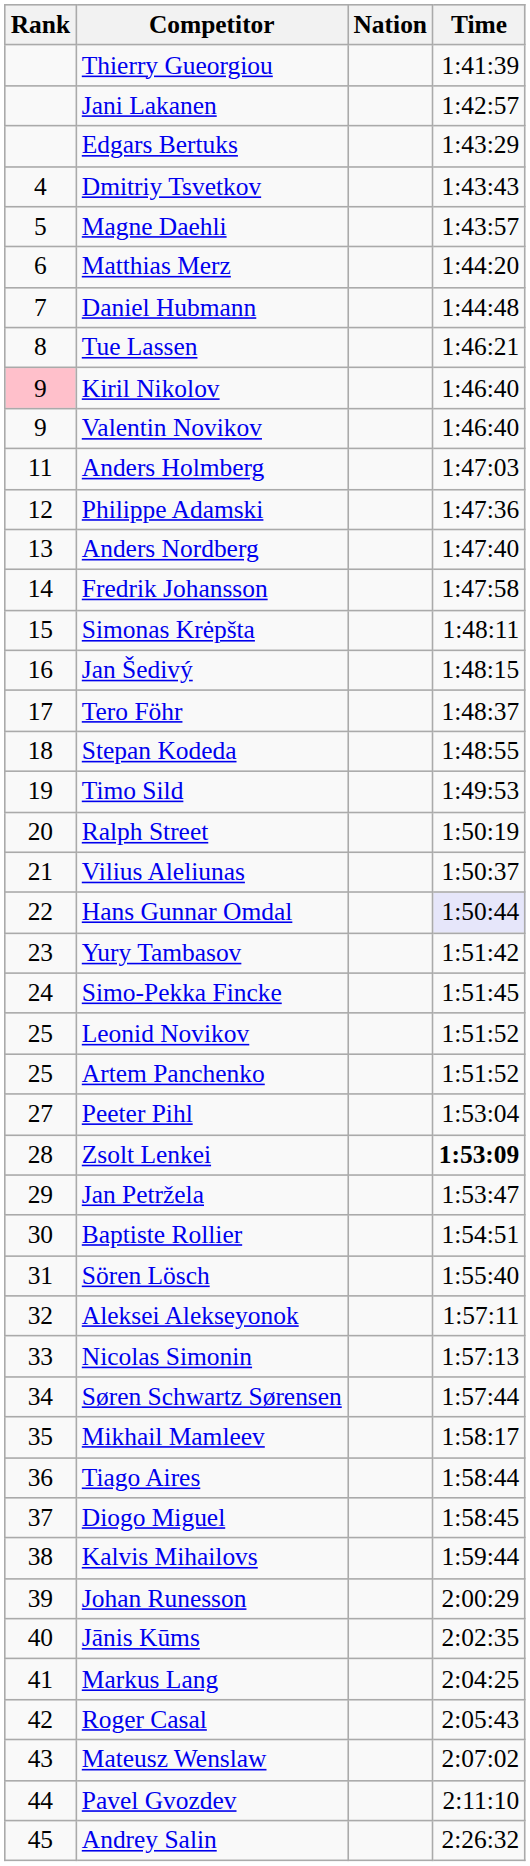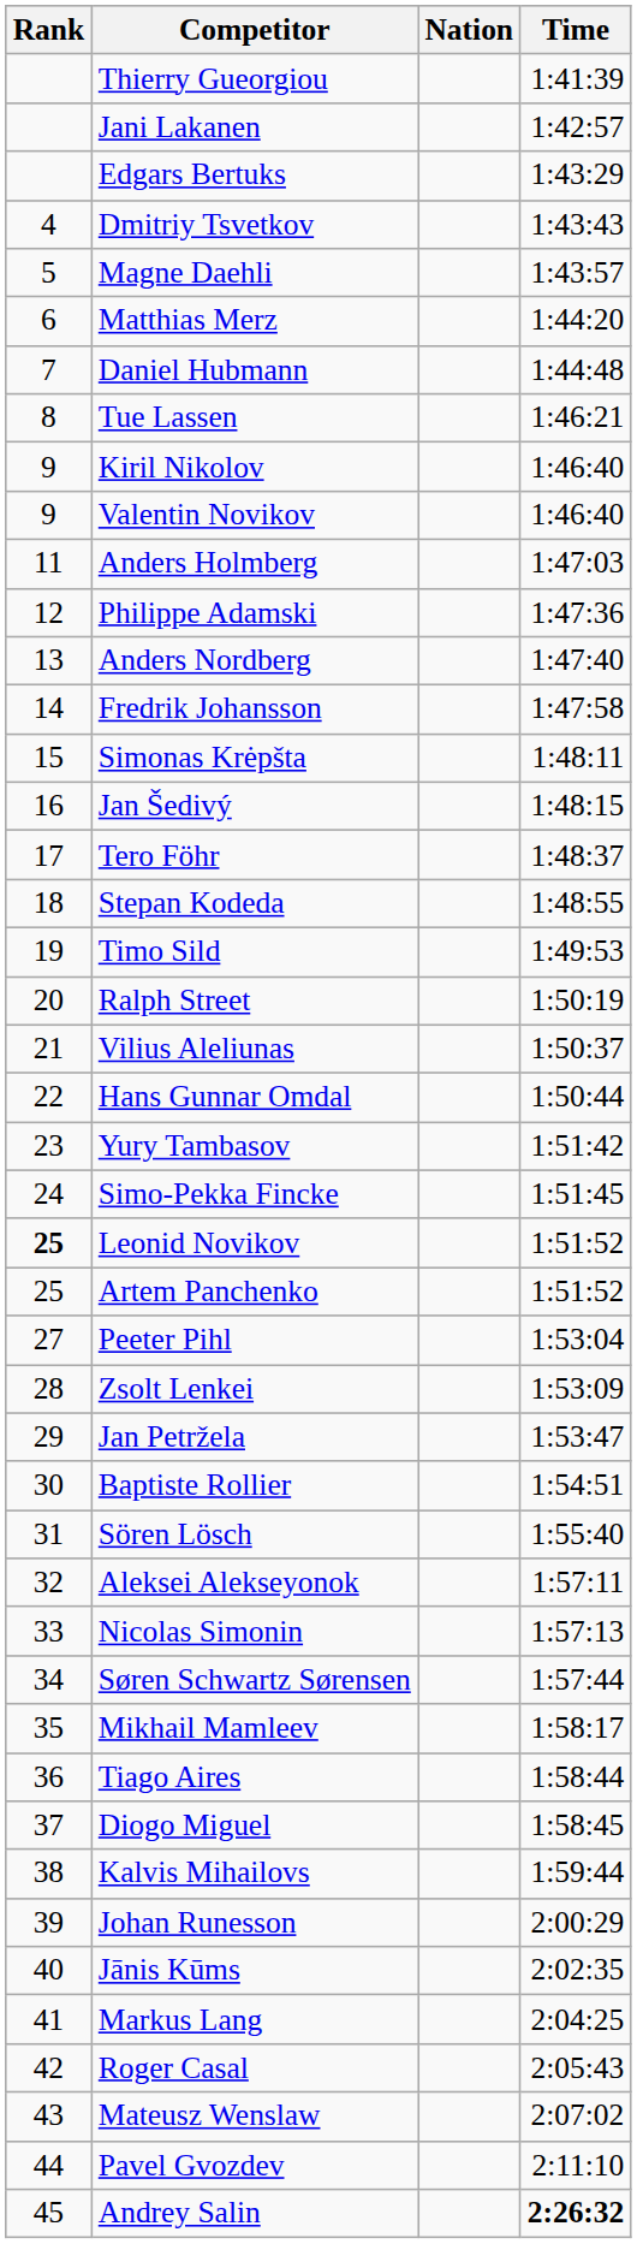 <table class="wikitable sortable" style="text-align:left">
 <tr>
 <th data-sort-type="number">Rank</th>
 <th class="unsortable">Competitor</th>
 <th>Nation</th>
 <th>Time</th>
 </tr>
 <tr>
 <td style="text-align:center"></td>
 <td><a href='#'>Thierry Gueorgiou</a></td>
 <td></td>
 <td style="text-align:right">1:41:39</td>
 </tr>
 <tr>
 <td style="text-align:center"></td>
 <td><a href='#'>Jani Lakanen</a></td>
 <td></td>
 <td style="text-align:right">1:42:57</td>
 </tr>
 <tr>
 <td style="text-align:center"></td>
 <td><a href='#'>Edgars Bertuks</a></td>
 <td></td>
 <td style="text-align:right">1:43:29</td>
 </tr>
 <tr>
 <td style="text-align:center">4</td>
 <td><a href='#'>Dmitriy Tsvetkov</a></td>
 <td></td>
 <td style="text-align:right">1:43:43</td>
 </tr>
 <tr>
 <td style="text-align:center">5</td>
 <td><a href='#'>Magne Daehli</a></td>
 <td></td>
 <td style="text-align:right">1:43:57</td>
 </tr>
 <tr>
 <td style="text-align:center">6</td>
 <td><a href='#'>Matthias Merz</a></td>
 <td></td>
 <td style="text-align:right">1:44:20</td>
 </tr>
 <tr>
 <td style="text-align:center">7</td>
 <td><a href='#'>Daniel Hubmann</a></td>
 <td></td>
 <td style="text-align:right">1:44:48</td>
 </tr>
 <tr>
 <td style="text-align:center">8</td>
 <td><a href='#'>Tue Lassen</a></td>
 <td></td>
 <td style="text-align:right">1:46:21</td>
 </tr>
 <tr>
-<td style="background: pink; text-align:center">9</td>
+<td style="text-align:center">9</td>
 <td><a href='#'>Kiril Nikolov</a></td>
 <td></td>
 <td style="text-align:right">1:46:40</td>
 </tr>
 <tr>
 <td style="text-align:center">9</td>
 <td><a href='#'>Valentin Novikov</a></td>
 <td></td>
 <td style="text-align:right">1:46:40</td>
 </tr>
 <tr>
 <td style="text-align:center">11</td>
 <td><a href='#'>Anders Holmberg</a></td>
 <td></td>
 <td style="text-align:right">1:47:03</td>
 </tr>
 <tr>
 <td style="text-align:center">12</td>
 <td><a href='#'>Philippe Adamski</a></td>
 <td></td>
 <td style="text-align:right">1:47:36</td>
 </tr>
 <tr>
 <td style="text-align:center">13</td>
 <td><a href='#'>Anders Nordberg</a></td>
 <td></td>
 <td style="text-align:right">1:47:40</td>
 </tr>
 <tr>
 <td style="text-align:center">14</td>
 <td><a href='#'>Fredrik Johansson</a></td>
 <td></td>
 <td style="text-align:right">1:47:58</td>
 </tr>
 <tr>
 <td style="text-align:center">15</td>
 <td><a href='#'>Simonas Krėpšta</a></td>
 <td></td>
 <td style="text-align:right">1:48:11</td>
 </tr>
 <tr>
 <td style="text-align:center">16</td>
 <td><a href='#'>Jan Šedivý</a></td>
 <td></td>
 <td style="text-align:right">1:48:15</td>
 </tr>
 <tr>
 <td style="text-align:center">17</td>
 <td><a href='#'>Tero Föhr</a></td>
 <td></td>
 <td style="text-align:right">1:48:37</td>
 </tr>
 <tr>
 <td style="text-align:center">18</td>
 <td><a href='#'>Stepan Kodeda</a></td>
 <td></td>
 <td style="text-align:right">1:48:55</td>
 </tr>
 <tr>
 <td style="text-align:center">19</td>
 <td><a href='#'>Timo Sild</a></td>
 <td></td>
 <td style="text-align:right">1:49:53</td>
 </tr>
 <tr>
 <td style="text-align:center">20</td>
 <td><a href='#'>Ralph Street</a></td>
 <td></td>
 <td style="text-align:right">1:50:19</td>
 </tr>
 <tr>
 <td style="text-align:center">21</td>
 <td><a href='#'>Vilius Aleliunas</a></td>
 <td></td>
 <td style="text-align:right">1:50:37</td>
 </tr>
 <tr>
 <td style="text-align:center">22</td>
 <td><a href='#'>Hans Gunnar Omdal</a></td>
 <td></td>
-<td style="background: lavender; text-align:right">1:50:44</td>
+<td style="text-align:right">1:50:44</td>
 </tr>
 <tr>
 <td style="text-align:center">23</td>
 <td><a href='#'>Yury Tambasov</a></td>
 <td></td>
 <td style="text-align:right">1:51:42</td>
 </tr>
 <tr>
 <td style="text-align:center">24</td>
 <td><a href='#'>Simo-Pekka Fincke</a></td>
 <td></td>
 <td style="text-align:right">1:51:45</td>
 </tr>
 <tr>
-<td style="text-align:center">25</td>
+<td style="text-align:center"><strong>25</strong></td>
 <td><a href='#'>Leonid Novikov</a></td>
 <td></td>
 <td style="text-align:right">1:51:52</td>
 </tr>
 <tr>
 <td style="text-align:center">25</td>
 <td><a href='#'>Artem Panchenko</a></td>
 <td></td>
 <td style="text-align:right">1:51:52</td>
 </tr>
 <tr>
 <td style="text-align:center">27</td>
 <td><a href='#'>Peeter Pihl</a></td>
 <td></td>
 <td style="text-align:right">1:53:04</td>
 </tr>
 <tr>
 <td style="text-align:center">28</td>
 <td><a href='#'>Zsolt Lenkei</a></td>
 <td></td>
-<td style="text-align:right"><strong>1:53:09</strong></td>
+<td style="text-align:right">1:53:09</td>
 </tr>
 <tr>
 <td style="text-align:center">29</td>
 <td><a href='#'>Jan Petržela</a></td>
 <td></td>
 <td style="text-align:right">1:53:47</td>
 </tr>
 <tr>
 <td style="text-align:center">30</td>
 <td><a href='#'>Baptiste Rollier</a></td>
 <td></td>
 <td style="text-align:right">1:54:51</td>
 </tr>
 <tr>
 <td style="text-align:center">31</td>
 <td><a href='#'>Sören Lösch</a></td>
 <td></td>
 <td style="text-align:right">1:55:40</td>
 </tr>
 <tr>
 <td style="text-align:center">32</td>
 <td><a href='#'>Aleksei Alekseyonok</a></td>
 <td></td>
 <td style="text-align:right">1:57:11</td>
 </tr>
 <tr>
 <td style="text-align:center">33</td>
 <td><a href='#'>Nicolas Simonin</a></td>
 <td></td>
 <td style="text-align:right">1:57:13</td>
 </tr>
 <tr>
 <td style="text-align:center">34</td>
 <td><a href='#'>Søren Schwartz Sørensen</a></td>
 <td></td>
 <td style="text-align:right">1:57:44</td>
 </tr>
 <tr>
 <td style="text-align:center">35</td>
 <td><a href='#'>Mikhail Mamleev</a></td>
 <td></td>
 <td style="text-align:right">1:58:17</td>
 </tr>
 <tr>
 <td style="text-align:center">36</td>
 <td><a href='#'>Tiago Aires</a></td>
 <td></td>
 <td style="text-align:right">1:58:44</td>
 </tr>
 <tr>
 <td style="text-align:center">37</td>
 <td><a href='#'>Diogo Miguel</a></td>
 <td></td>
 <td style="text-align:right">1:58:45</td>
 </tr>
 <tr>
 <td style="text-align:center">38</td>
 <td><a href='#'>Kalvis Mihailovs</a></td>
 <td></td>
 <td style="text-align:right">1:59:44</td>
 </tr>
 <tr>
 <td style="text-align:center">39</td>
 <td><a href='#'>Johan Runesson</a></td>
 <td></td>
 <td style="text-align:right">2:00:29</td>
 </tr>
 <tr>
 <td style="text-align:center">40</td>
 <td><a href='#'>Jānis Kūms</a></td>
 <td></td>
 <td style="text-align:right">2:02:35</td>
 </tr>
 <tr>
 <td style="text-align:center">41</td>
 <td><a href='#'>Markus Lang</a></td>
 <td></td>
 <td style="text-align:right">2:04:25</td>
 </tr>
 <tr>
 <td style="text-align:center">42</td>
 <td><a href='#'>Roger Casal</a></td>
 <td></td>
 <td style="text-align:right">2:05:43</td>
 </tr>
 <tr>
 <td style="text-align:center">43</td>
 <td><a href='#'>Mateusz Wenslaw</a></td>
 <td></td>
 <td style="text-align:right">2:07:02</td>
 </tr>
 <tr>
 <td style="text-align:center">44</td>
 <td><a href='#'>Pavel Gvozdev</a></td>
 <td></td>
 <td style="text-align:right">2:11:10</td>
 </tr>
 <tr>
 <td style="text-align:center">45</td>
 <td><a href='#'>Andrey Salin</a></td>
 <td></td>
-<td style="text-align:right">2:26:32</td>
+<td style="text-align:right"><strong>2:26:32</strong></td>
 </tr>
 </table>
